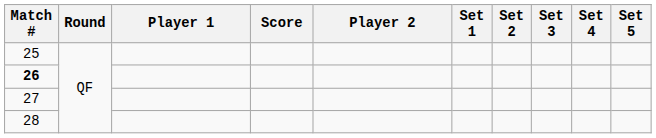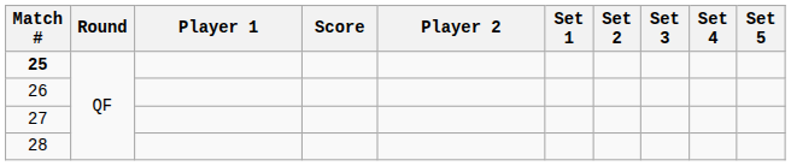 <table class="wikitable">
 <tr>
 <th width="2%">Match #</th>
 <th width="2%">Round</th>
 <th width="15%">Player 1</th>
 <th width="5%">Score</th>
 <th width="15%">Player 2</th>
 <th width="3%">Set 1</th>
 <th width="3%">Set 2</th>
 <th width="3%">Set 3</th>
 <th width="3%">Set 4</th>
 <th width="3%">Set 5</th>
 </tr>
 <tr style=text-align:center;>
-<td>25</td>
+<td><strong>25</strong></td>
 <td rowspan=4>QF</td>
 <td></td>
 <td></td>
 <td></td>
 <td></td>
 <td></td>
 <td></td>
 <td></td>
 <td></td>
 </tr>
 <tr style=text-align:center;>
-<td><strong>26</strong></td>
+<td>26</td>
 <td></td>
 <td></td>
 <td></td>
 <td></td>
 <td></td>
 <td></td>
 <td></td>
 <td></td>
 </tr>
 <tr style=text-align:center;>
 <td>27</td>
 <td></td>
 <td></td>
 <td></td>
 <td></td>
 <td></td>
 <td></td>
 <td></td>
 <td></td>
 </tr>
 <tr style=text-align:center;>
 <td>28</td>
 <td></td>
 <td></td>
 <td></td>
 <td></td>
 <td></td>
 <td></td>
 <td></td>
 <td></td>
 </tr>
 </table>
